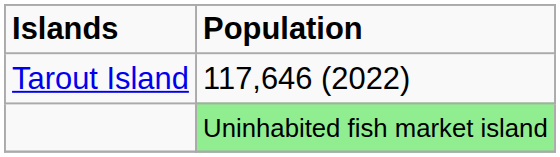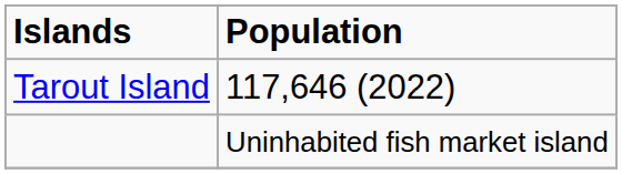 <table class="wikitable">
 <tr>
 <td><strong>Islands</strong></td>
 <td><strong>Population</strong></td>
 </tr>
 <tr>
 <td><a href='#'>Tarout Island</a></td>
 <td>117,646 (2022)</td>
 </tr>
 <tr>
 <td></td>
-<td style="background: lightgreen;"><small>Uninhabited fish market island</small></td>
+<td><small>Uninhabited fish market island</small></td>
 </tr>
 <tr>
 </tr>
 </table>
